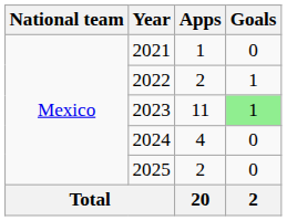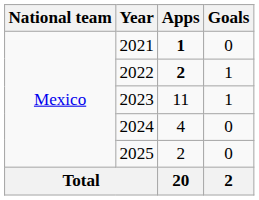 <table class="wikitable" style="text-align: center;">
 <tr>
 <th>National team</th>
 <th>Year</th>
 <th>Apps</th>
 <th>Goals</th>
 </tr>
 <tr>
 <td rowspan="5" valign="center"><a href='#'>Mexico</a></td>
 <td>2021</td>
-<td>1</td>
+<td><strong>1</strong></td>
 <td>0</td>
 </tr>
 <tr>
 <td>2022</td>
-<td>2</td>
+<td><strong>2</strong></td>
 <td>1</td>
 </tr>
 <tr>
 <td>2023</td>
 <td>11</td>
-<td style="background: lightgreen;">1</td>
+<td>1</td>
 </tr>
 <tr>
 <td>2024</td>
 <td>4</td>
 <td>0</td>
 </tr>
 <tr>
 <td>2025</td>
 <td>2</td>
 <td>0</td>
 </tr>
 <tr>
 <th colspan="2">Total</th>
 <th>20</th>
 <th>2</th>
 </tr>
 </table>
